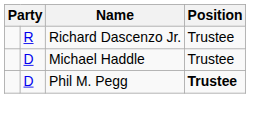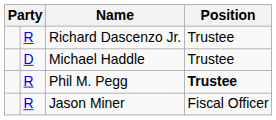 <table class=wikitable>
 <tr>
 <th colspan="2" style="text-align:center; vertical-align:bottom;">Party</th>
 <th style="text-align:center;">Name</th>
 <th valign=bottom>Position</th>
 </tr>
 <tr>
 <td style="background-color:"> </td>
 <td><a href='#'>R</a></td>
 <td>Richard Dascenzo Jr.</td>
 <td>Trustee</td>
 </tr>
 <tr>
 <td style="background-color:"> </td>
 <td><a href='#'>D</a></td>
 <td>Michael Haddle</td>
 <td>Trustee</td>
 </tr>
 <tr>
 <td style="background-color:"> </td>
-<td><a href='#'>D</a></td>
+<td><a href='#'>R</a></td>
 <td>Phil M. Pegg</td>
 <td><strong>Trustee</strong></td>
 </tr>
+<tr>
+<td style="background-color:"> </td>
+<td><a href='#'>R</a></td>
+<td>Jason Miner</td>
+<td>Fiscal Officer</td>
+</tr>
 </table>
